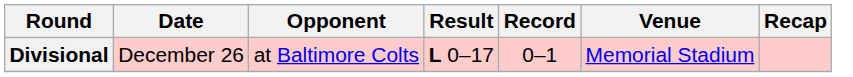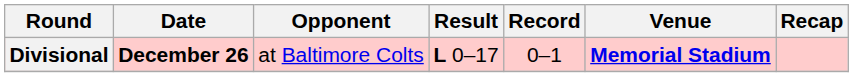 <table class="wikitable" style="text-align:center">
 <tr>
 <th>Round</th>
 <th>Date</th>
 <th>Opponent</th>
 <th>Result</th>
 <th>Record</th>
 <th>Venue</th>
 <th>Recap</th>
 </tr>
 <tr bgcolor="#fcc">
 <th>Divisional</th>
-<td>December 26</td>
+<td><strong>December 26</strong></td>
 <td>at <a href='#'>Baltimore Colts</a></td>
 <td><strong>L</strong> 0–17</td>
 <td>0–1</td>
-<td><a href='#'>Memorial Stadium</a></td>
+<td><strong><a href='#'>Memorial Stadium</a></strong></td>
 <td></td>
 </tr>
 <tr>
 </tr>
 </table>
